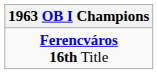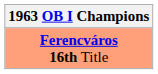 <table class="wikitable" style="text-align: center; margin: 0 auto;">
 <tr>
 <th>1963 <a href='#'>OB I</a> Champions</th>
 </tr>
 <tr>
-<td><strong><a href='#'>Ferencváros</a></strong><br><strong>16th</strong> Title</td>
+<td style="background: lightsalmon;"><strong><a href='#'>Ferencváros</a></strong><br><strong>16th</strong> Title</td>
 </tr>
 </table>
